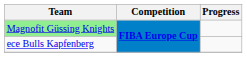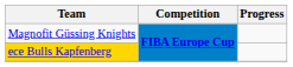 <table class="wikitable sortable">
 <tr>
 <th>Team</th>
 <th>Competition</th>
 <th>Progress</th>
 </tr>
 <tr>
-<td style="background: lightgreen;"><a href='#'>Magnofit Güssing Knights</a></td>
+<td><a href='#'>Magnofit Güssing Knights</a></td>
 <td rowspan="2" style="background-color:#0080C8;color:white;text-align:center"><strong><span><a href='#'>FIBA Europe Cup</a></span></strong></td>
 <td></td>
 </tr>
 <tr>
-<td><a href='#'>ece Bulls Kapfenberg</a></td>
+<td style="background: gold;"><a href='#'>ece Bulls Kapfenberg</a></td>
 <td></td>
 </tr>
 <tr>
 </tr>
 </table>
